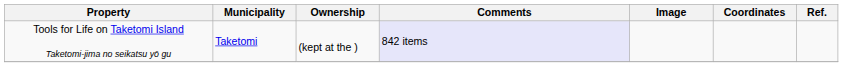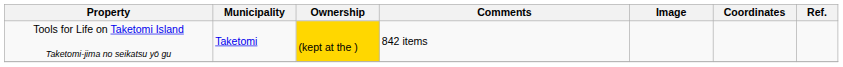 <table class="wikitable sortable"  style="width:100%;">
 <tr>
 <th width="25%" align="left">Property</th>
 <th width="10%" align="left">Municipality</th>
 <th width="10%" align="left">Ownership</th>
 <th width="30%" align="left" class="unsortable">Comments</th>
 <th width="10%" align="left"  class="unsortable">Image</th>
 <th width="10%" align="left" class="unsortable">Coordinates</th>
 <th width="5%" align="left"  class="unsortable">Ref.</th>
 </tr>
 <tr>
 <td align="center">Tools for Life on <a href='#'>Taketomi Island</a><br><br><small><em>Taketomi-jima no seikatsu yō gu</em></small></td>
 <td><a href='#'>Taketomi</a></td>
-<td><br>(kept at the )</td>
-<td style="background: lavender;">842 items</td>
+<td style="background: gold;"><br>(kept at the )</td>
+<td>842 items</td>
 <td></td>
 <td></td>
 <td></td>
 </tr>
 <tr>
 </tr>
 </table>
